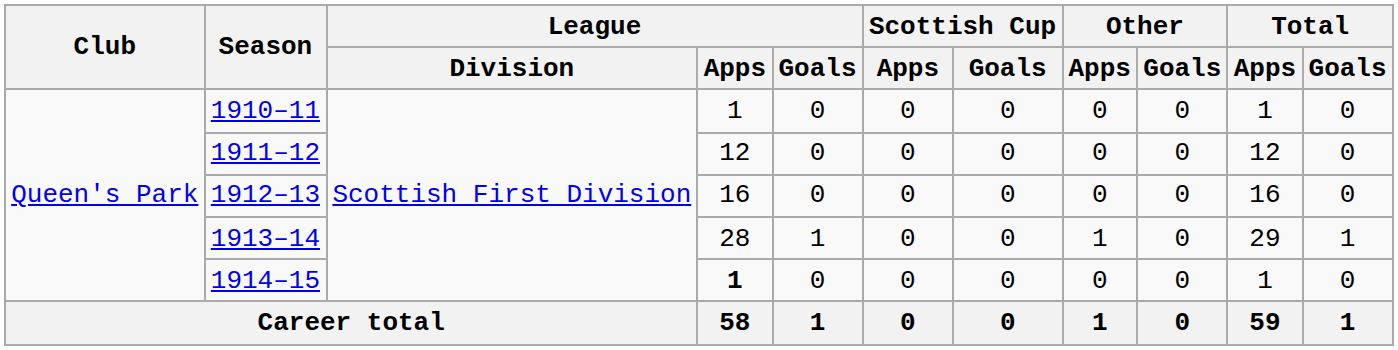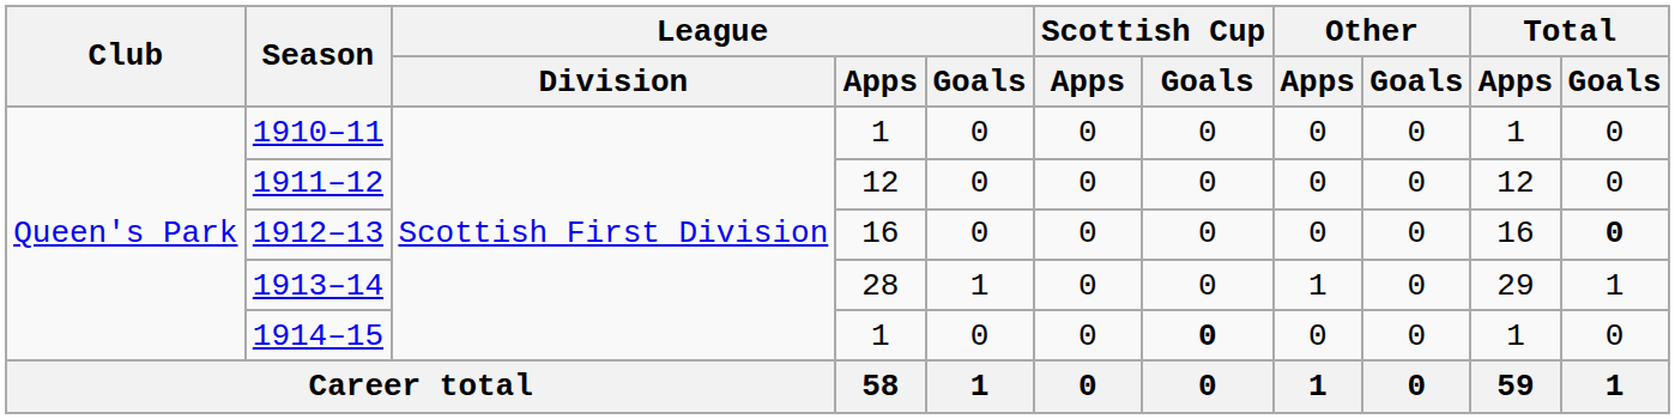 <table class="wikitable" style="text-align: center;">
 <tr>
 <th rowspan="2">Club</th>
 <th rowspan="2">Season</th>
 <th colspan="3">League</th>
 <th colspan="2">Scottish Cup</th>
 <th colspan="2">Other</th>
 <th colspan="2">Total</th>
 </tr>
 <tr>
 <th>Division</th>
 <th>Apps</th>
 <th>Goals</th>
 <th>Apps</th>
 <th>Goals</th>
 <th>Apps</th>
 <th>Goals</th>
 <th>Apps</th>
 <th>Goals</th>
 </tr>
 <tr>
 <td rowspan="5"><a href='#'>Queen's Park</a></td>
 <td><a href='#'>1910–11</a></td>
 <td rowspan="5"><a href='#'>Scottish First Division</a></td>
 <td>1</td>
 <td>0</td>
 <td>0</td>
 <td>0</td>
 <td>0</td>
 <td>0</td>
 <td>1</td>
 <td>0</td>
 </tr>
 <tr>
 <td><a href='#'>1911–12</a></td>
 <td>12</td>
 <td>0</td>
 <td>0</td>
 <td>0</td>
 <td>0</td>
 <td>0</td>
 <td>12</td>
 <td>0</td>
 </tr>
 <tr>
 <td><a href='#'>1912–13</a></td>
 <td>16</td>
 <td>0</td>
 <td>0</td>
 <td>0</td>
 <td>0</td>
 <td>0</td>
 <td>16</td>
-<td>0</td>
+<td><strong>0</strong></td>
 </tr>
 <tr>
 <td><a href='#'>1913–14</a></td>
 <td>28</td>
 <td>1</td>
 <td>0</td>
 <td>0</td>
 <td>1</td>
 <td>0</td>
 <td>29</td>
 <td>1</td>
 </tr>
 <tr>
 <td><a href='#'>1914–15</a></td>
-<td><strong>1</strong></td>
+<td>1</td>
 <td>0</td>
 <td>0</td>
-<td>0</td>
+<td><strong>0</strong></td>
 <td>0</td>
 <td>0</td>
 <td>1</td>
 <td>0</td>
 </tr>
 <tr>
 <th colspan="3">Career total</th>
 <th>58</th>
 <th>1</th>
 <th>0</th>
 <th>0</th>
 <th>1</th>
 <th>0</th>
 <th>59</th>
 <th>1</th>
 </tr>
 </table>
